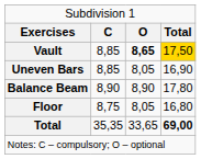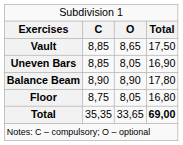 <table class=wikitable style="text-align:center; text-size:90%;">
 <tr>
 <td colspan=4>Subdivision 1</td>
 </tr>
 <tr>
 <th>Exercises</th>
 <th>C</th>
 <th>O</th>
 <th>Total</th>
 </tr>
 <tr>
 <th>Vault</th>
 <td>8,85</td>
-<td><strong>8,65</strong></td>
-<td style="background: gold;">17,50</td>
+<td>8,65</td>
+<td>17,50</td>
 </tr>
 <tr>
 <th>Uneven Bars</th>
 <td>8,85</td>
 <td>8,05</td>
 <td>16,90</td>
 </tr>
 <tr>
 <th>Balance Beam</th>
 <td>8,90</td>
 <td>8,90</td>
 <td>17,80</td>
 </tr>
 <tr>
 <th>Floor</th>
 <td>8,75</td>
 <td>8,05</td>
 <td>16,80</td>
 </tr>
 <tr>
 <th bgcolor=#ffffff>Total</th>
 <td>35,35</td>
 <td>33,65</td>
 <td><strong>69,00</strong></td>
 </tr>
 <tr>
 <td align=left colspan=4><small>Notes: C – compulsory; O – optional</small></td>
 </tr>
 </table>
